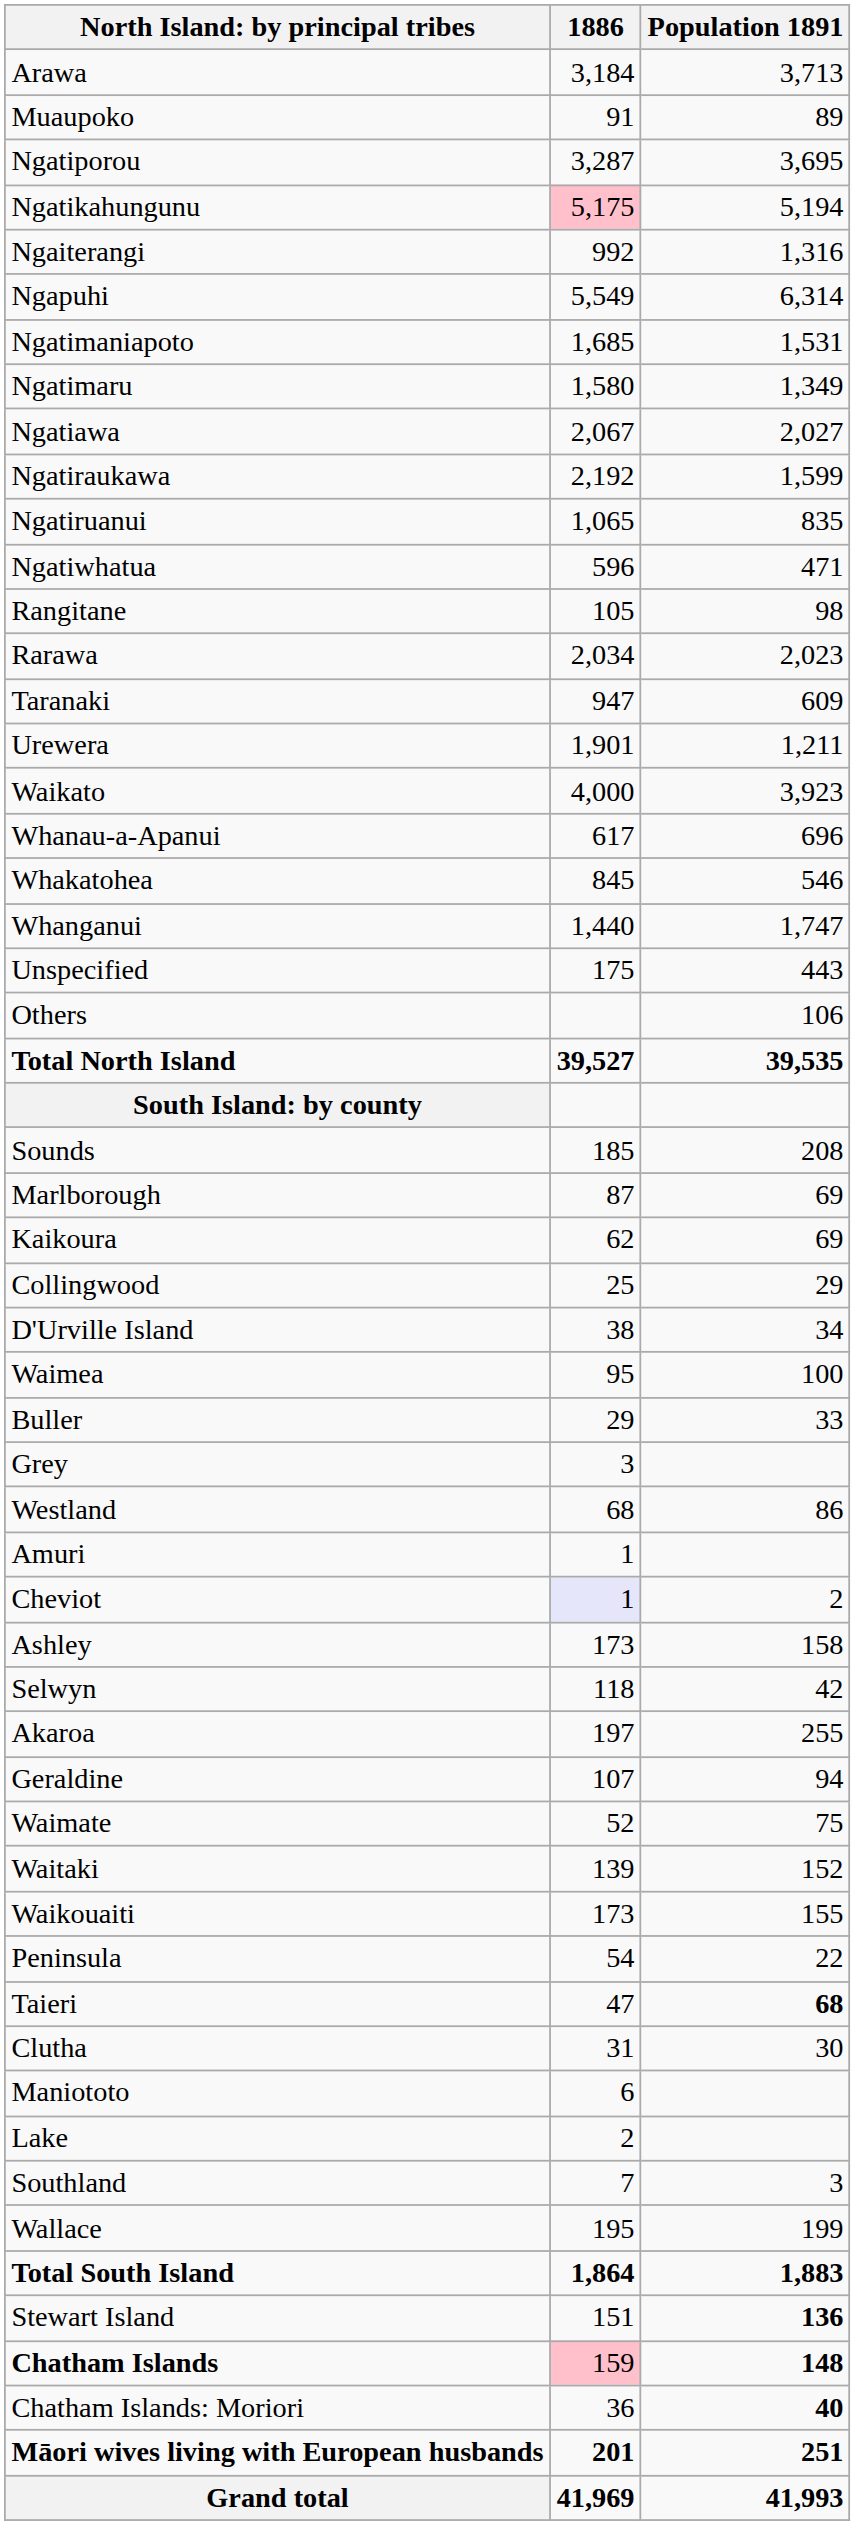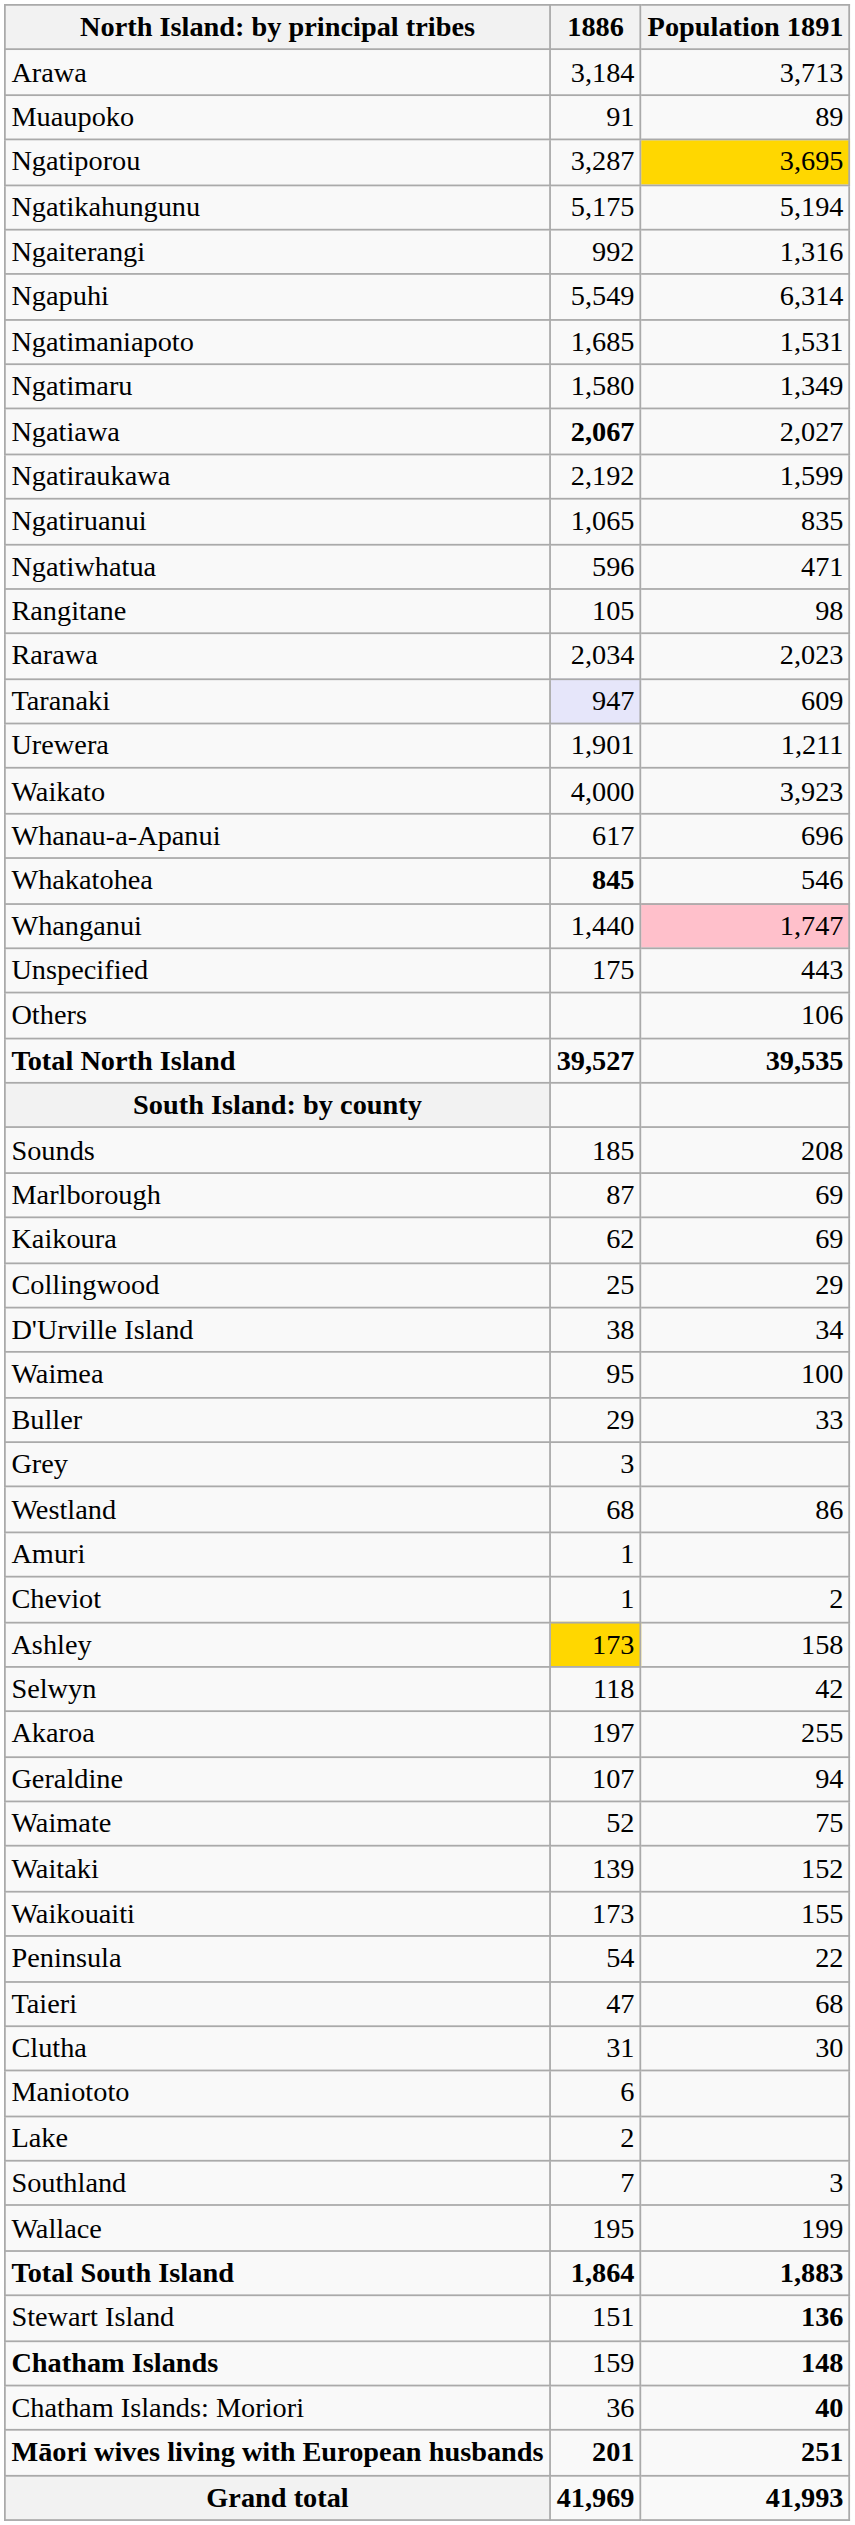 <table class="wikitable" style="text-align:right">
 <tr>
 <th>North Island: by principal tribes</th>
 <th>1886</th>
 <th>Population 1891</th>
 </tr>
 <tr>
 <td align="left">Arawa</td>
 <td>3,184</td>
 <td>3,713</td>
 </tr>
 <tr>
 <td align="left">Muaupoko</td>
 <td>91</td>
 <td>89</td>
 </tr>
 <tr>
 <td align="left">Ngatiporou</td>
 <td>3,287</td>
-<td>3,695</td>
+<td style="background: gold;">3,695</td>
 </tr>
 <tr>
 <td align="left">Ngatikahungunu</td>
-<td style="background: pink;">5,175</td>
+<td>5,175</td>
 <td>5,194</td>
 </tr>
 <tr>
 <td align="left">Ngaiterangi</td>
 <td>992</td>
 <td>1,316</td>
 </tr>
 <tr>
 <td align="left">Ngapuhi</td>
 <td>5,549</td>
 <td>6,314</td>
 </tr>
 <tr>
 <td align="left">Ngatimaniapoto</td>
 <td>1,685</td>
 <td>1,531</td>
 </tr>
 <tr>
 <td align="left">Ngatimaru</td>
 <td>1,580</td>
 <td>1,349</td>
 </tr>
 <tr>
 <td align="left">Ngatiawa</td>
-<td>2,067</td>
+<td><strong>2,067</strong></td>
 <td>2,027</td>
 </tr>
 <tr>
 <td align="left">Ngatiraukawa</td>
 <td>2,192</td>
 <td>1,599</td>
 </tr>
 <tr>
 <td align="left">Ngatiruanui</td>
 <td>1,065</td>
 <td>835</td>
 </tr>
 <tr>
 <td align="left">Ngatiwhatua</td>
 <td>596</td>
 <td>471</td>
 </tr>
 <tr>
 <td align="left">Rangitane</td>
 <td>105</td>
 <td>98</td>
 </tr>
 <tr>
 <td align="left">Rarawa</td>
 <td>2,034</td>
 <td>2,023</td>
 </tr>
 <tr>
 <td align="left">Taranaki</td>
-<td>947</td>
+<td style="background: lavender;">947</td>
 <td>609</td>
 </tr>
 <tr>
 <td align="left">Urewera</td>
 <td>1,901</td>
 <td>1,211</td>
 </tr>
 <tr>
 <td align="left">Waikato</td>
 <td>4,000</td>
 <td>3,923</td>
 </tr>
 <tr>
 <td align="left">Whanau-a-Apanui</td>
 <td>617</td>
 <td>696</td>
 </tr>
 <tr>
 <td align="left">Whakatohea</td>
-<td>845</td>
+<td><strong>845</strong></td>
 <td>546</td>
 </tr>
 <tr>
 <td align="left">Whanganui</td>
 <td>1,440</td>
-<td>1,747</td>
+<td style="background: pink;">1,747</td>
 </tr>
 <tr>
 <td align="left">Unspecified</td>
 <td>175</td>
 <td>443</td>
 </tr>
 <tr>
 <td align="left">Others</td>
 <td></td>
 <td>106</td>
 </tr>
 <tr>
 <td align="left"><strong>Total North Island</strong></td>
 <td><strong>39,527</strong></td>
 <td><strong>39,535</strong></td>
 </tr>
 <tr>
 <th>South Island: by county</th>
 <td></td>
 <td></td>
 </tr>
 <tr>
 <td align="left">Sounds</td>
 <td>185</td>
 <td>208</td>
 </tr>
 <tr>
 <td align="left">Marlborough</td>
 <td>87</td>
 <td>69</td>
 </tr>
 <tr>
 <td align="left">Kaikoura</td>
 <td>62</td>
 <td>69</td>
 </tr>
 <tr>
 <td align="left">Collingwood</td>
 <td>25</td>
 <td>29</td>
 </tr>
 <tr>
 <td align="left">D'Urville Island</td>
 <td>38</td>
 <td>34</td>
 </tr>
 <tr>
 <td align="left">Waimea</td>
 <td>95</td>
 <td>100</td>
 </tr>
 <tr>
 <td align="left">Buller</td>
 <td>29</td>
 <td>33</td>
 </tr>
 <tr>
 <td align="left">Grey</td>
 <td>3</td>
 <td></td>
 </tr>
 <tr>
 <td align="left">Westland</td>
 <td>68</td>
 <td>86</td>
 </tr>
 <tr>
 <td align="left">Amuri</td>
 <td>1</td>
 <td></td>
 </tr>
 <tr>
 <td align="left">Cheviot</td>
-<td style="background: lavender;">1</td>
+<td>1</td>
 <td>2</td>
 </tr>
 <tr>
 <td align="left">Ashley</td>
-<td>173</td>
+<td style="background: gold;">173</td>
 <td>158</td>
 </tr>
 <tr>
 <td align="left">Selwyn</td>
 <td>118</td>
 <td>42</td>
 </tr>
 <tr>
 <td align="left">Akaroa</td>
 <td>197</td>
 <td>255</td>
 </tr>
 <tr>
 <td align="left">Geraldine</td>
 <td>107</td>
 <td>94</td>
 </tr>
 <tr>
 <td align="left">Waimate</td>
 <td>52</td>
 <td>75</td>
 </tr>
 <tr>
 <td align="left">Waitaki</td>
 <td>139</td>
 <td>152</td>
 </tr>
 <tr>
 <td align="left">Waikouaiti</td>
 <td>173</td>
 <td>155</td>
 </tr>
 <tr>
 <td align="left">Peninsula</td>
 <td>54</td>
 <td>22</td>
 </tr>
 <tr>
 <td align="left">Taieri</td>
 <td>47</td>
-<td><strong>68</strong></td>
+<td>68</td>
 </tr>
 <tr>
 <td align="left">Clutha</td>
 <td>31</td>
 <td>30</td>
 </tr>
 <tr>
 <td align="left">Maniototo</td>
 <td>6</td>
 <td></td>
 </tr>
 <tr>
 <td align="left">Lake</td>
 <td>2</td>
 <td></td>
 </tr>
 <tr>
 <td align="left">Southland</td>
 <td>7</td>
 <td>3</td>
 </tr>
 <tr>
 <td align="left">Wallace</td>
 <td>195</td>
 <td>199</td>
 </tr>
 <tr>
 <td align="left"><strong>Total South Island</strong></td>
 <td colspan="1"><strong>1,864</strong></td>
 <td><strong>1,883</strong></td>
 </tr>
 <tr>
 <td align="left">Stewart Island</td>
 <td>151</td>
 <td><strong>136</strong></td>
 </tr>
 <tr>
 <td align="left"><strong>Chatham Islands</strong></td>
-<td colspan="1" style="background: pink;">159</td>
+<td colspan="1">159</td>
 <td><strong>148</strong></td>
 </tr>
 <tr>
 <td align="left">Chatham Islands: Moriori</td>
 <td>36</td>
 <td><strong>40</strong></td>
 </tr>
 <tr>
 <td align="left"><strong>Māori wives living with European husbands</strong></td>
 <td><strong>201</strong></td>
 <td><strong>251</strong></td>
 </tr>
 <tr>
 <th>Grand total</th>
 <td><strong>41,969</strong></td>
 <td><strong>41,993</strong></td>
 </tr>
 </table>
